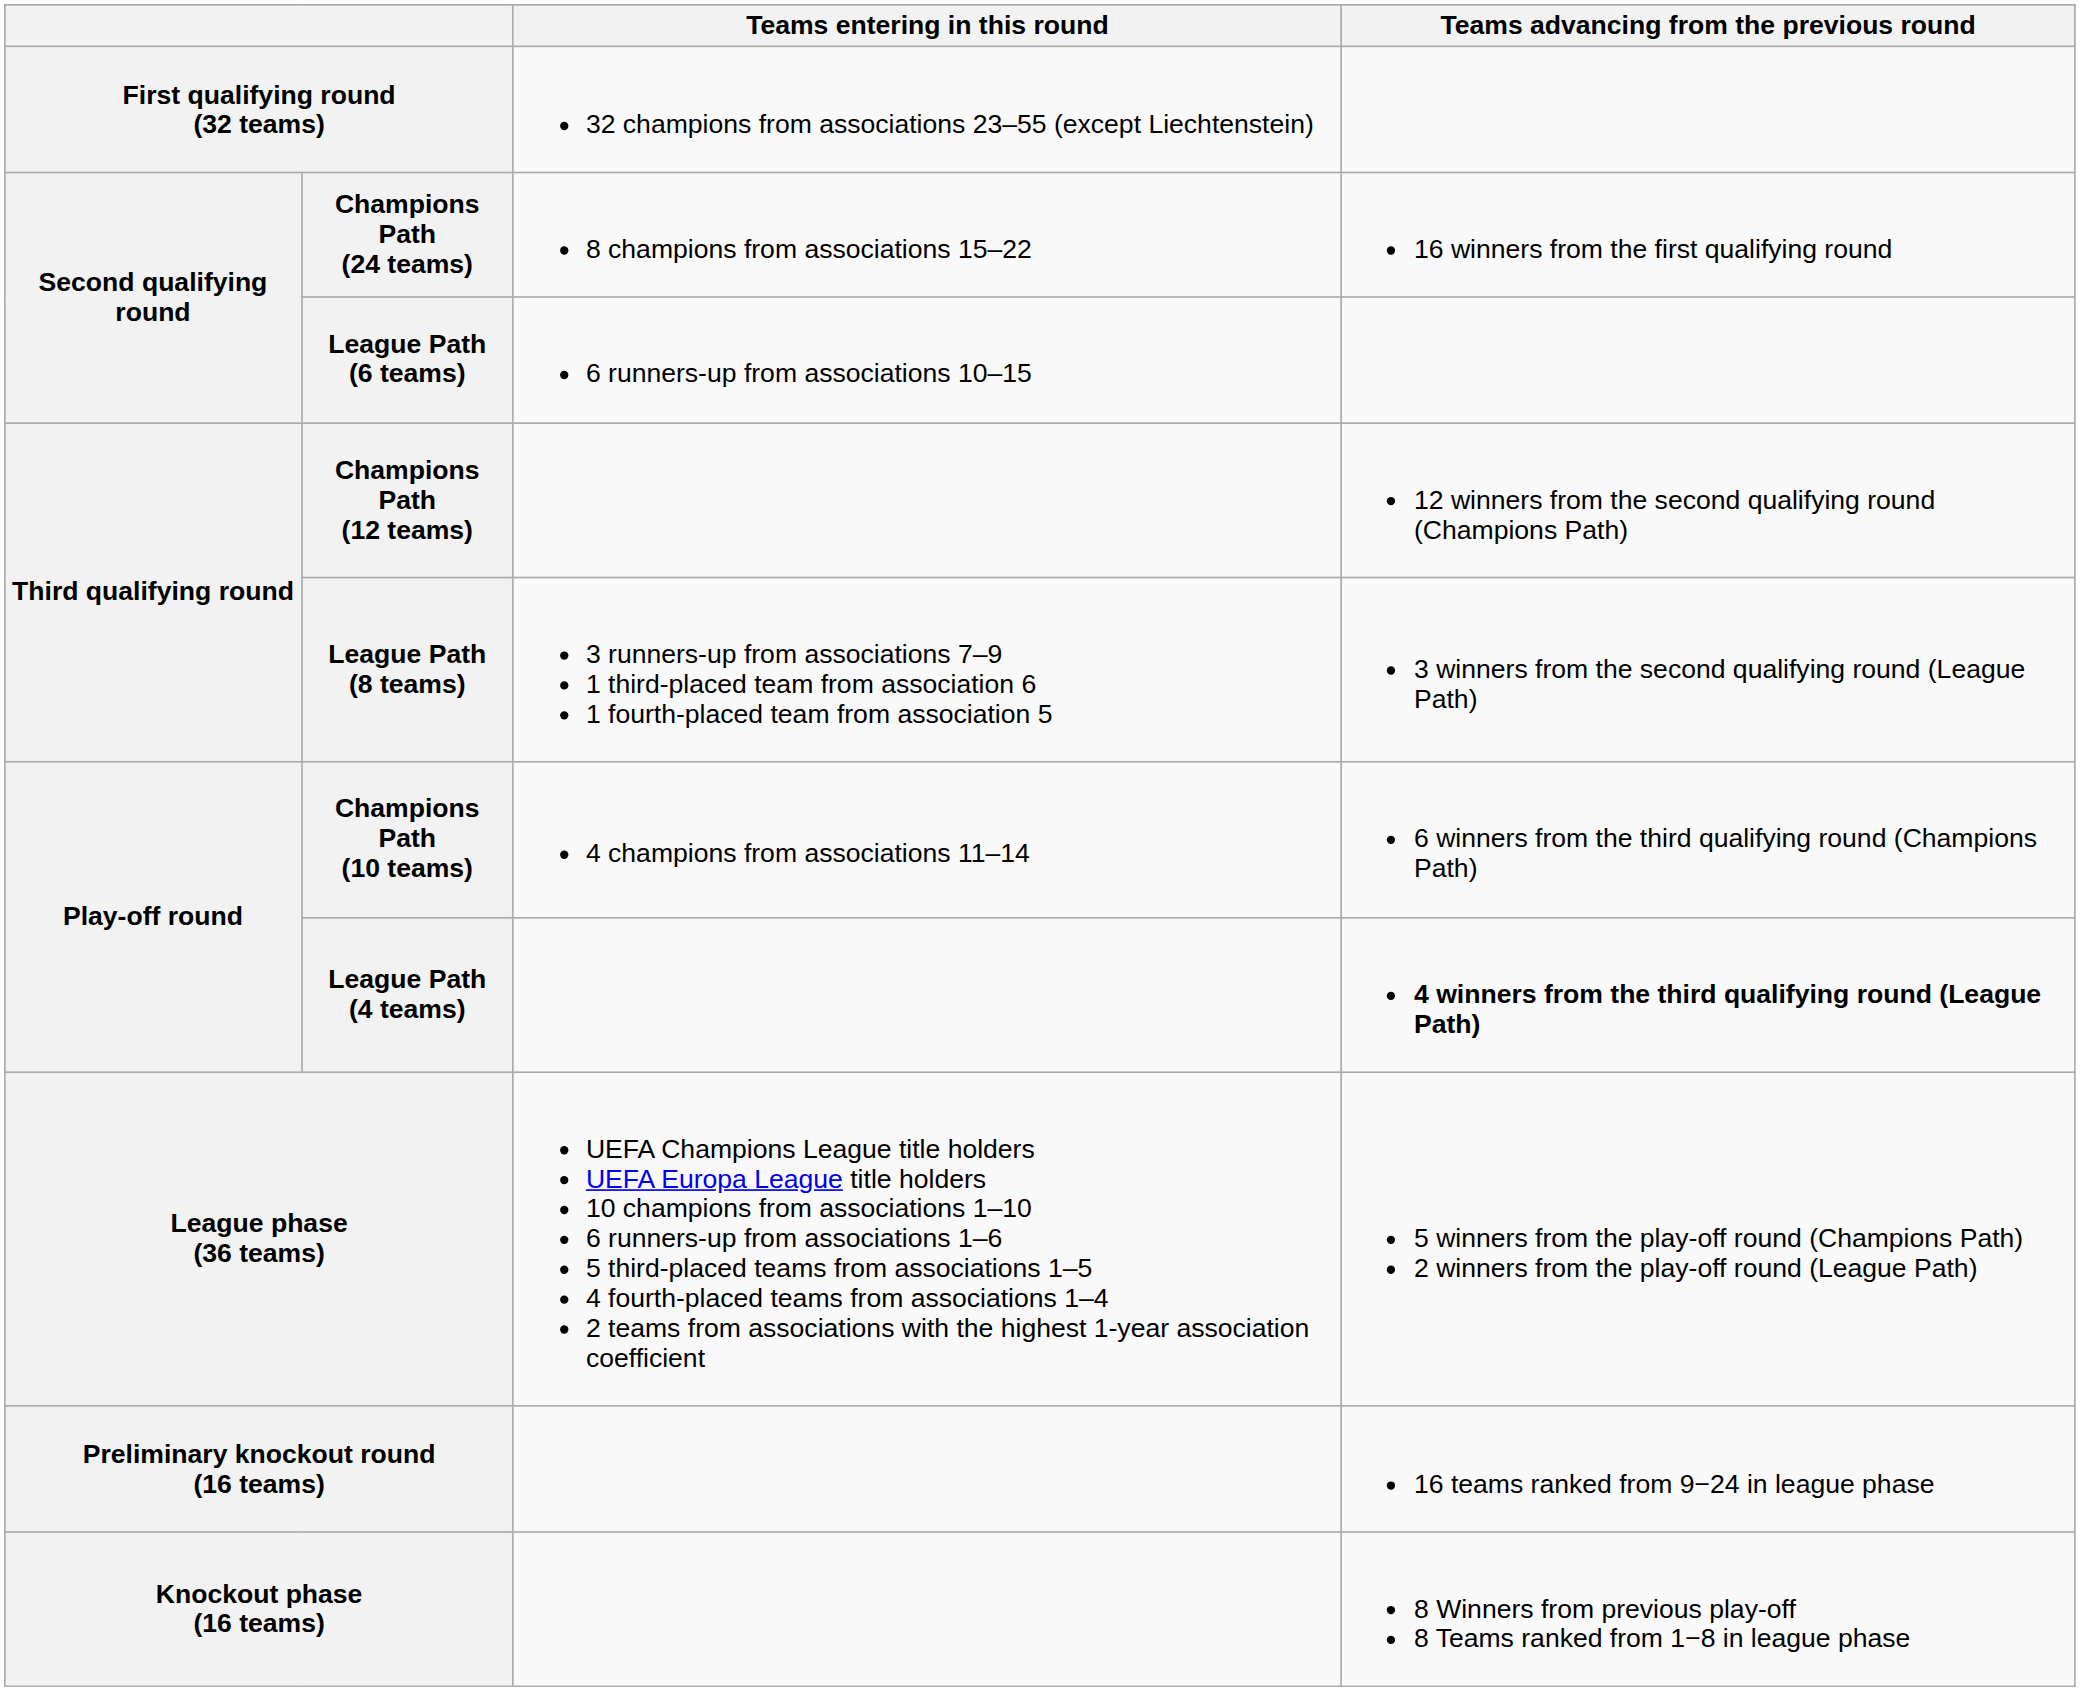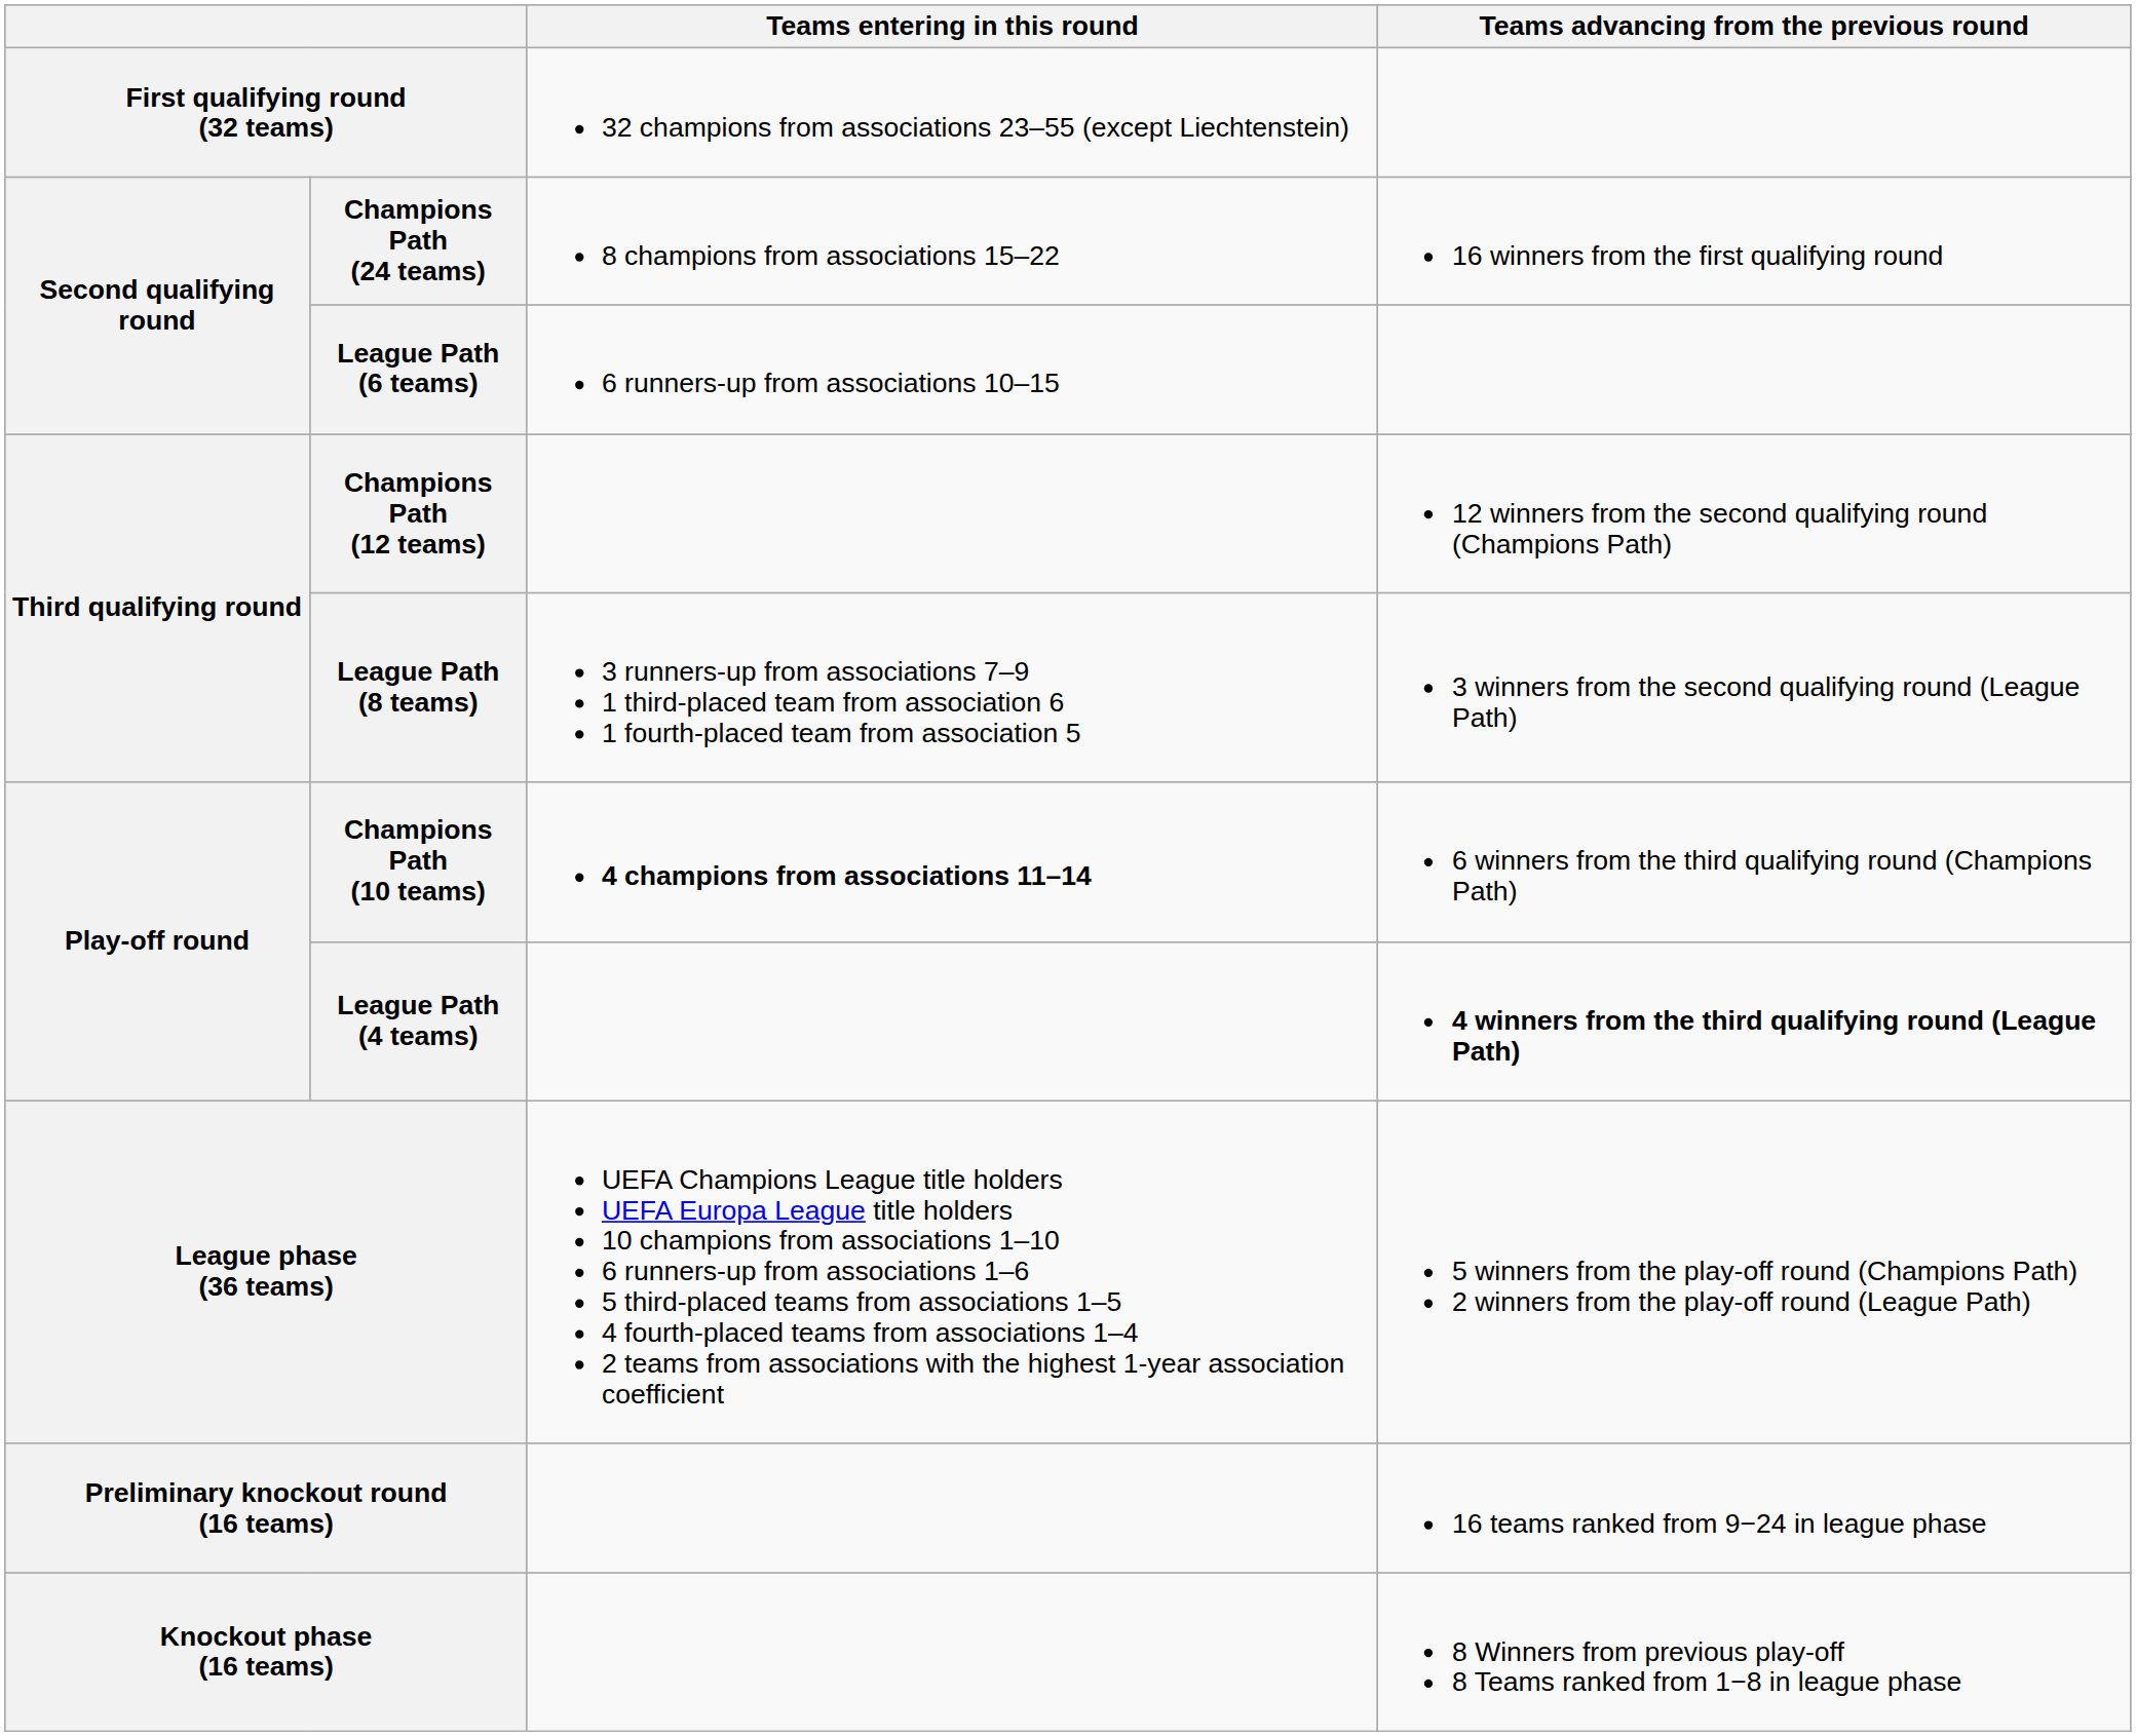 <table class="wikitable">
 <tr>
 <th colspan="2"></th>
 <th>Teams entering in this round</th>
 <th>Teams advancing from the previous round</th>
 </tr>
 <tr>
 <th colspan="2">First qualifying round<br>(32 teams)</th>
 <td><br><ul><li>32 champions from associations 23–55 (except Liechtenstein)</li></ul></td>
 <td></td>
 </tr>
 <tr>
 <th rowspan="2">Second qualifying round</th>
 <th>Champions Path<br>(24 teams)</th>
 <td><br><ul><li>8 champions from associations 15–22</li></ul></td>
 <td><br><ul><li>16 winners from the first qualifying round</li></ul></td>
 </tr>
 <tr>
 <th>League Path<br>(6 teams)</th>
 <td><br><ul><li>6 runners-up from associations 10–15</li></ul></td>
 <td></td>
 </tr>
 <tr>
 <th rowspan="2">Third qualifying round</th>
 <th>Champions Path<br>(12 teams)</th>
 <td></td>
 <td><br><ul><li>12 winners from the second qualifying round (Champions Path)</li></ul></td>
 </tr>
 <tr>
 <th>League Path<br>(8 teams)</th>
 <td><br><ul><li>3 runners-up from associations 7–9</li><li>1 third-placed team from association 6</li><li>1 fourth-placed team from association 5</li></ul></td>
 <td><br><ul><li>3 winners from the second qualifying round (League Path)</li></ul></td>
 </tr>
 <tr>
 <th rowspan="2">Play-off round</th>
 <th>Champions Path<br>(10 teams)</th>
-<td><br><ul><li>4 champions from associations 11–14</li></ul></td>
+<td><strong><br><ul><li>4 champions from associations 11–14</li></ul></strong></td>
 <td><br><ul><li>6 winners from the third qualifying round (Champions Path)</li></ul></td>
 </tr>
 <tr>
 <th>League Path<br>(4 teams)</th>
 <td></td>
 <td><strong><br><ul><li>4 winners from the third qualifying round (League Path)</li></ul></strong></td>
 </tr>
 <tr>
 <th colspan="2">League phase<br>(36 teams)</th>
 <td><br><ul><li>UEFA Champions League title holders</li><li><a href='#'>UEFA Europa League</a> title holders</li><li>10 champions from associations 1–10</li><li>6 runners-up from associations 1–6</li><li>5 third-placed teams from associations 1–5</li><li>4 fourth-placed teams from associations 1–4</li><li>2 teams from associations with the highest 1-year association coefficient</li></ul></td>
 <td><br><ul><li>5 winners from the play-off round (Champions Path)</li><li>2 winners from the play-off round (League Path)</li></ul></td>
 </tr>
 <tr>
 <th colspan="2">Preliminary knockout round<br>(16 teams)</th>
 <td></td>
 <td><br><ul><li>16 teams ranked from 9−24 in league phase</li></ul></td>
 </tr>
 <tr>
 <th colspan="2">Knockout phase<br>(16 teams)</th>
 <td></td>
 <td><br><ul><li>8 Winners from previous play-off</li><li>8 Teams ranked from 1−8 in league phase</li></ul></td>
 </tr>
 </table>
